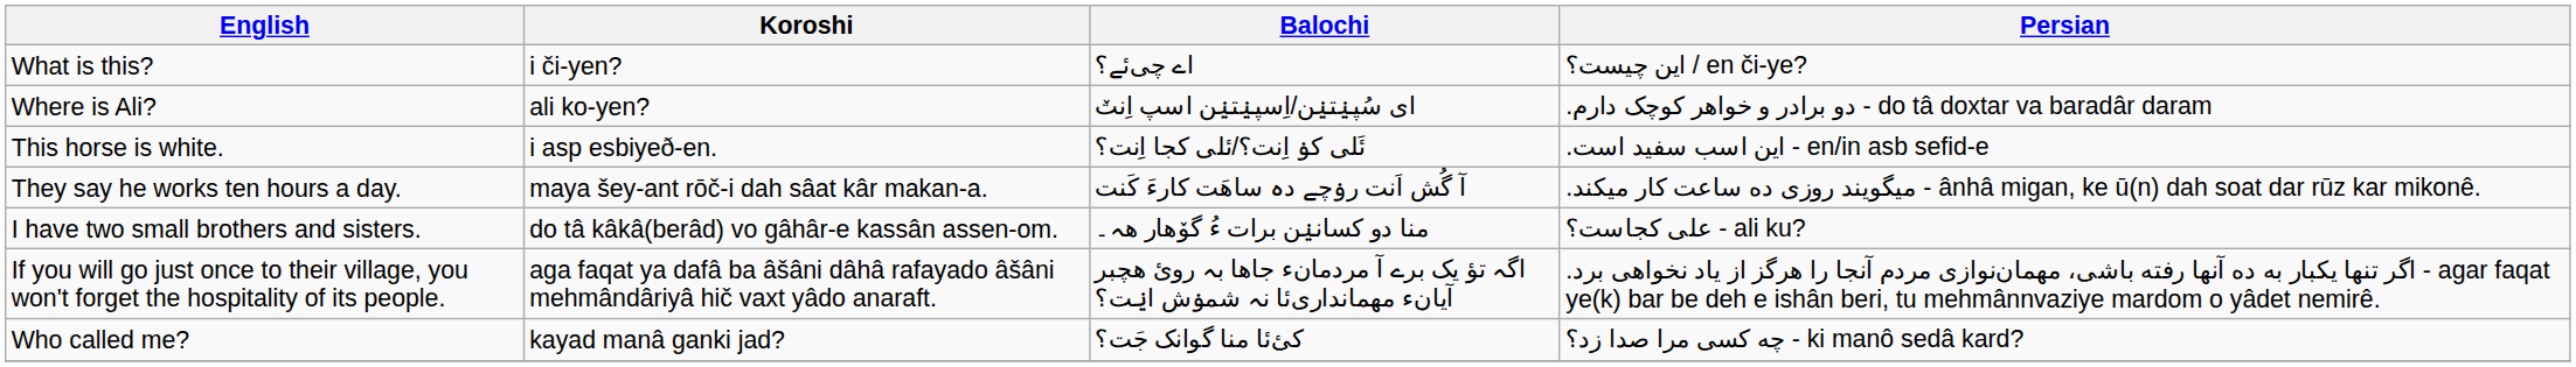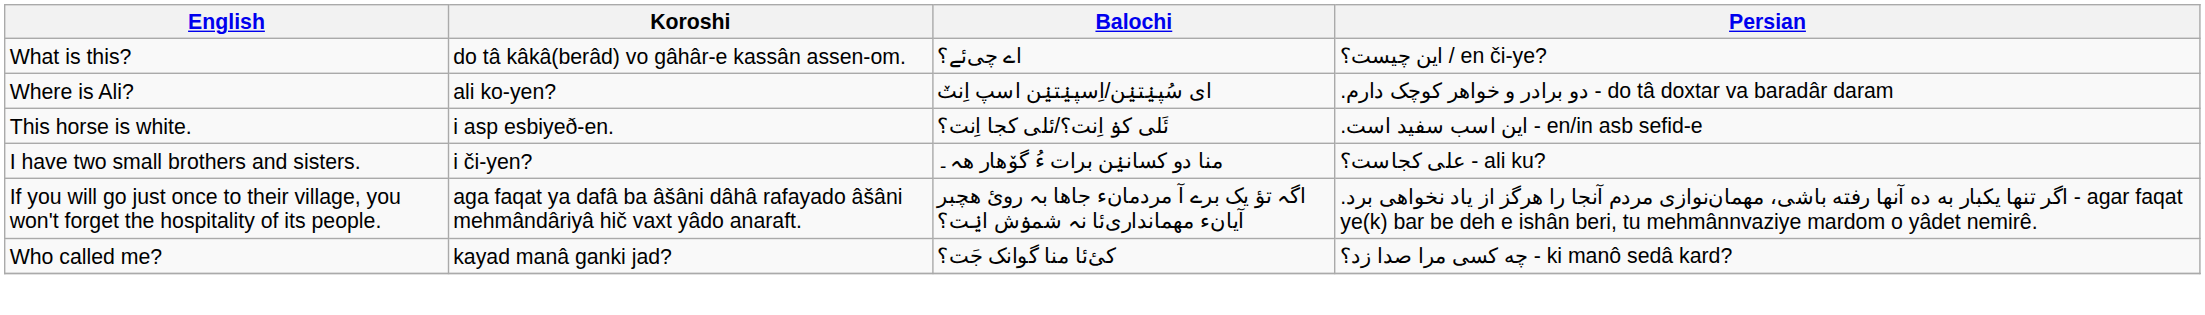 <table class="wikitable" style="font-size: 95%">
 <tr>
 <th><a href='#'>English</a></th>
 <th>Koroshi</th>
 <th><a href='#'>Balochi</a></th>
 <th><a href='#'>Persian</a></th>
 </tr>
 <tr>
 <td>What is this?</td>
-<td>i či-yen?</td>
+<td>do tâ kâkâ(berâd) vo gâhâr-e kassân assen-om.</td>
 <td>اے چی‌ئے؟</td>
 <td>این چیست؟ / en či-ye?</td>
 </tr>
 <tr>
 <td>Where is Ali?</td>
 <td>ali ko-yen?</td>
 <td>ای سُپݔتݔن/اِسپݔتݔن اسپ اِنتٚ</td>
 <td>.دو برادر و خواهر کوچک دارم - do tâ doxtar va baradâr daram</td>
 </tr>
 <tr>
 <td>This horse is white.</td>
 <td>i asp esbiyeð-en.</td>
 <td>ئَلی کۏ اِنت؟/ئلی کجا اِنت؟</td>
 <td>.این اسب سفید است - en/in asb sefid-e</td>
 </tr>
 <tr>
-<td>They say he works ten hours a day.</td>
-<td>maya šey-ant rōč-i dah sâat kâr makan-a.</td>
-<td>آ گُش اَنت رۏچے دہ ساھَت کارءَ کَنت</td>
-<td>.میگویند روزی ده ساعت کار میکند  - ânhâ migan, ke ū(n) dah soat dar rūz kar mikonê.</td>
-</tr>
-<tr>
 <td>I have two small brothers and sisters.</td>
-<td>do tâ kâkâ(berâd) vo gâhâr-e kassân assen-om.</td>
+<td>i či-yen?</td>
 <td>منا دو كسانݔن برات ءُ گوٚھار ھہ۔</td>
 <td>علی کجاست؟ - ali ku?</td>
 </tr>
 <tr>
 <td>If you will go just once to their village, you won't forget the hospitality of its people.</td>
 <td>aga faqat ya dafâ ba âšâni dâhâ rafayado âšâni mehmândâriyâ hič vaxt yâdo anaraft.</td>
 <td>اگہ تؤ یک برے آ مردمانء جاھا بہ روئ ھچبر آیانء مھمانداری‌ئا نہ شمۏش اݔت؟</td>
 <td>.اگر تنها یکبار به ده آنها رفته باشی، مهمان‌نوازی مردم آنجا را هرگز از یاد نخواهی برد - agar faqat ye(k) bar be deh e ishân beri, tu mehmânnvaziye mardom o yâdet nemirê.</td>
 </tr>
 <tr>
 <td>Who called me?</td>
 <td>kayad manâ ganki jad?</td>
 <td>کئ‌ئا منا گوانک جَت؟</td>
 <td>چه کسی مرا صدا زد؟ - ki manô sedâ kard?</td>
 </tr>
 <tr>
 </tr>
 </table>
